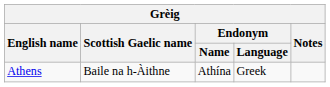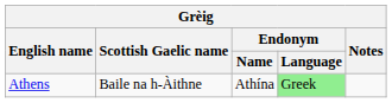 <table class="wikitable sortable">
 <tr>
 <th colspan="5"> Grèig</th>
 </tr>
 <tr>
 <th rowspan="2">English name</th>
 <th rowspan="2">Scottish Gaelic name</th>
 <th colspan="2">Endonym</th>
 <th rowspan="2">Notes</th>
 </tr>
 <tr>
 <th>Name</th>
 <th>Language</th>
 </tr>
 <tr>
 <td><a href='#'>Athens</a></td>
 <td>Baile na h-Àithne</td>
 <td>Athína</td>
-<td>Greek</td>
+<td style="background: lightgreen;">Greek</td>
 <td></td>
 </tr>
 </table>
